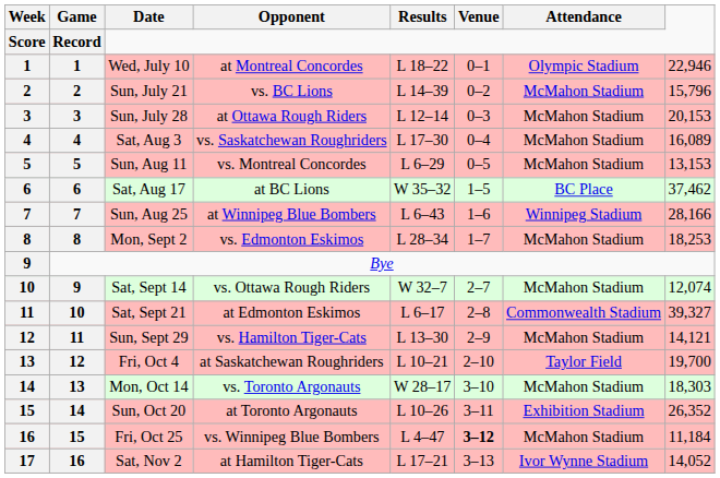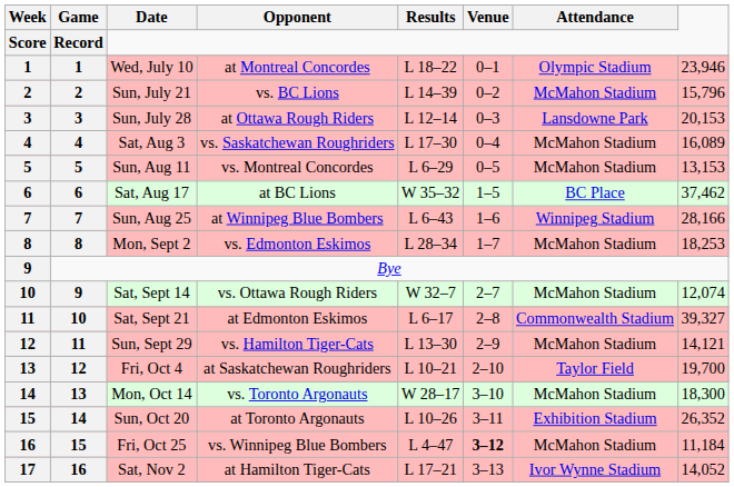 <table class="wikitable" style="text-align:center">
 <tr>
 <th>Week</th>
 <th>Game</th>
 <th>Date</th>
 <th>Opponent</th>
 <th>Results</th>
 <th>Venue</th>
 <th>Attendance</th>
 </tr>
 <tr>
 <th>Score</th>
 <th>Record</th>
 </tr>
 <tr style="background:#ffbbbb">
 <th>1</th>
 <th>1</th>
 <td>Wed, July 10</td>
 <td>at <a href='#'>Montreal Concordes</a></td>
 <td>L 18–22</td>
 <td>0–1</td>
 <td><a href='#'>Olympic Stadium</a></td>
-<td>22,946</td>
+<td>23,946</td>
 </tr>
 <tr style="background:#ffbbbb">
 <th>2</th>
 <th>2</th>
 <td>Sun, July 21</td>
 <td>vs. <a href='#'>BC Lions</a></td>
 <td>L 14–39</td>
 <td>0–2</td>
 <td><a href='#'>McMahon Stadium</a></td>
 <td>15,796</td>
 </tr>
 <tr style="background:#ffbbbb">
 <th>3</th>
 <th>3</th>
 <td>Sun, July 28</td>
 <td>at <a href='#'>Ottawa Rough Riders</a></td>
 <td>L 12–14</td>
 <td>0–3</td>
-<td>McMahon Stadium</td>
+<td><a href='#'>Lansdowne Park</a></td>
 <td>20,153</td>
 </tr>
 <tr style="background:#ffbbbb">
 <th>4</th>
 <th>4</th>
 <td>Sat, Aug 3</td>
 <td>vs. <a href='#'>Saskatchewan Roughriders</a></td>
 <td>L 17–30</td>
 <td>0–4</td>
 <td>McMahon Stadium</td>
 <td>16,089</td>
 </tr>
 <tr style="background:#ffbbbb">
 <th>5</th>
 <th>5</th>
 <td>Sun, Aug 11</td>
 <td>vs. Montreal Concordes</td>
 <td>L 6–29</td>
 <td>0–5</td>
 <td>McMahon Stadium</td>
 <td>13,153</td>
 </tr>
 <tr style="background:#ddffdd">
 <th>6</th>
 <th>6</th>
 <td>Sat, Aug 17</td>
 <td>at BC Lions</td>
 <td>W 35–32</td>
 <td>1–5</td>
 <td><a href='#'>BC Place</a></td>
 <td>37,462</td>
 </tr>
 <tr style="background:#ffbbbb">
 <th>7</th>
 <th>7</th>
 <td>Sun, Aug 25</td>
 <td>at <a href='#'>Winnipeg Blue Bombers</a></td>
 <td>L 6–43</td>
 <td>1–6</td>
 <td><a href='#'>Winnipeg Stadium</a></td>
 <td>28,166</td>
 </tr>
 <tr style="background:#ffbbbb">
 <th>8</th>
 <th>8</th>
 <td>Mon, Sept 2</td>
 <td>vs. <a href='#'>Edmonton Eskimos</a></td>
 <td>L 28–34</td>
 <td>1–7</td>
 <td>McMahon Stadium</td>
 <td>18,253</td>
 </tr>
 <tr>
 <th>9</th>
 <td colspan=7><em><a href='#'>Bye</a></em></td>
 </tr>
 <tr style="background:#ddffdd">
 <th>10</th>
 <th>9</th>
 <td>Sat, Sept 14</td>
 <td>vs. Ottawa Rough Riders</td>
 <td>W 32–7</td>
 <td>2–7</td>
 <td>McMahon Stadium</td>
 <td>12,074</td>
 </tr>
 <tr style="background:#ffbbbb">
 <th>11</th>
 <th>10</th>
 <td>Sat, Sept 21</td>
 <td>at Edmonton Eskimos</td>
 <td>L 6–17</td>
 <td>2–8</td>
 <td><a href='#'>Commonwealth Stadium</a></td>
 <td>39,327</td>
 </tr>
 <tr style="background:#ffbbbb">
 <th>12</th>
 <th>11</th>
 <td>Sun, Sept 29</td>
 <td>vs. <a href='#'>Hamilton Tiger-Cats</a></td>
 <td>L 13–30</td>
 <td>2–9</td>
 <td>McMahon Stadium</td>
 <td>14,121</td>
 </tr>
 <tr style="background:#ffbbbb">
 <th>13</th>
 <th>12</th>
 <td>Fri, Oct 4</td>
 <td>at Saskatchewan Roughriders</td>
 <td>L 10–21</td>
 <td>2–10</td>
 <td><a href='#'>Taylor Field</a></td>
 <td>19,700</td>
 </tr>
 <tr style="background:#ddffdd">
 <th>14</th>
 <th>13</th>
 <td>Mon, Oct 14</td>
 <td>vs. <a href='#'>Toronto Argonauts</a></td>
 <td>W 28–17</td>
 <td>3–10</td>
 <td>McMahon Stadium</td>
-<td>18,303</td>
+<td>18,300</td>
 </tr>
 <tr style="background:#ffbbbb">
 <th>15</th>
 <th>14</th>
 <td>Sun, Oct 20</td>
 <td>at Toronto Argonauts</td>
 <td>L 10–26</td>
 <td>3–11</td>
 <td><a href='#'>Exhibition Stadium</a></td>
 <td>26,352</td>
 </tr>
 <tr style="background:#ffbbbb">
 <th>16</th>
 <th>15</th>
 <td>Fri, Oct 25</td>
 <td>vs. Winnipeg Blue Bombers</td>
 <td>L 4–47</td>
 <td><strong>3–12</strong></td>
 <td>McMahon Stadium</td>
 <td>11,184</td>
 </tr>
 <tr style="background:#ffbbbb">
 <th>17</th>
 <th>16</th>
 <td>Sat, Nov 2</td>
 <td>at Hamilton Tiger-Cats</td>
 <td>L 17–21</td>
 <td>3–13</td>
 <td><a href='#'>Ivor Wynne Stadium</a></td>
 <td>14,052</td>
 </tr>
 </table>
